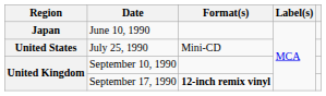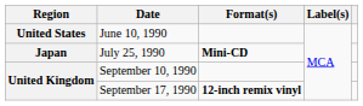 <table class="wikitable plainrowheaders">
 <tr>
 <th scope="col">Region</th>
 <th scope="col">Date</th>
 <th scope="col">Format(s)</th>
 <th scope="col">Label(s)</th>
 <th scope="col"></th>
 </tr>
 <tr>
-<th scope="row">Japan</th>
+<th scope="row">United States</th>
 <td>June 10, 1990</td>
 <td></td>
 <td rowspan="4"><a href='#'>MCA</a></td>
 <td></td>
 </tr>
 <tr>
-<th scope="row">United States</th>
+<th scope="row">Japan</th>
 <td>July 25, 1990</td>
-<td>Mini-CD</td>
+<td><strong>Mini-CD</strong></td>
 <td></td>
 </tr>
 <tr>
 <th scope="row" rowspan="2">United Kingdom</th>
 <td>September 10, 1990</td>
 <td></td>
 <td></td>
 </tr>
 <tr>
 <td>September 17, 1990</td>
 <td><strong>12-inch remix vinyl</strong></td>
 <td></td>
 </tr>
 </table>
